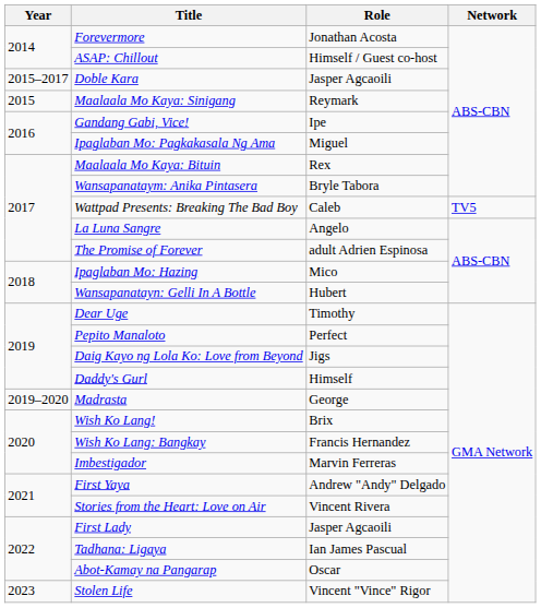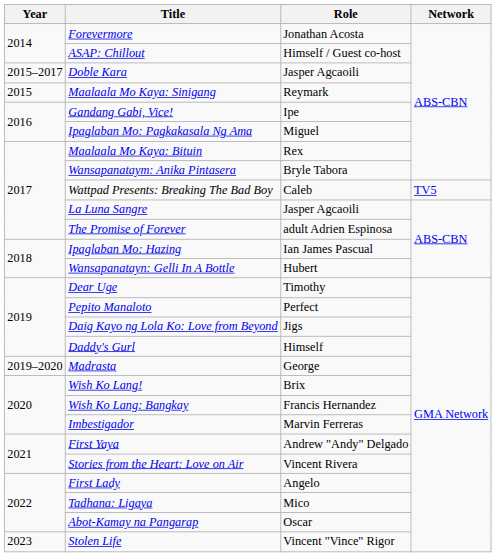 <table class="wikitable sortable">
 <tr>
 <th>Year</th>
 <th>Title</th>
 <th>Role</th>
 <th>Network</th>
 </tr>
 <tr>
 <td rowspan="2">2014</td>
 <td><em><a href='#'>Forevermore</a></em></td>
 <td>Jonathan Acosta</td>
 <td rowspan="8"><a href='#'>ABS-CBN</a></td>
 </tr>
 <tr>
 <td><em><a href='#'>ASAP: Chillout</a></em></td>
 <td>Himself / Guest co-host</td>
 </tr>
 <tr>
 <td>2015–2017</td>
 <td><em><a href='#'>Doble Kara</a></em></td>
 <td>Jasper Agcaoili</td>
 </tr>
 <tr>
 <td>2015</td>
 <td><em><a href='#'>Maalaala Mo Kaya: Sinigang</a></em></td>
 <td>Reymark</td>
 </tr>
 <tr>
 <td rowspan="2">2016</td>
 <td><em><a href='#'>Gandang Gabi, Vice!</a></em></td>
 <td>Ipe</td>
 </tr>
 <tr>
 <td><em><a href='#'>Ipaglaban Mo: Pagkakasala Ng Ama</a></em></td>
 <td>Miguel</td>
 </tr>
 <tr>
 <td rowspan="5">2017</td>
 <td><em><a href='#'>Maalaala Mo Kaya: Bituin</a></em></td>
 <td>Rex</td>
 </tr>
 <tr>
 <td><em><a href='#'>Wansapanataym: Anika Pintasera</a></em></td>
 <td>Bryle Tabora</td>
 </tr>
 <tr>
 <td><em>Wattpad Presents: Breaking The Bad Boy</em></td>
 <td>Caleb</td>
 <td><a href='#'>TV5</a></td>
 </tr>
 <tr>
 <td><em><a href='#'>La Luna Sangre</a></em></td>
-<td>Angelo</td>
+<td>Jasper Agcaoili</td>
 <td rowspan="4"><a href='#'>ABS-CBN</a></td>
 </tr>
 <tr>
 <td><em><a href='#'>The Promise of Forever</a></em></td>
 <td>adult Adrien Espinosa</td>
 </tr>
 <tr>
 <td rowspan="2">2018</td>
 <td><em><a href='#'>Ipaglaban Mo: Hazing</a></em></td>
-<td>Mico</td>
+<td>Ian James Pascual</td>
 </tr>
 <tr>
 <td><em><a href='#'>Wansapanatayn: Gelli In A Bottle</a></em></td>
 <td>Hubert</td>
 </tr>
 <tr>
 <td rowspan="4">2019</td>
 <td><em><a href='#'>Dear Uge</a></em></td>
 <td>Timothy</td>
 <td rowspan="14"><a href='#'>GMA Network</a></td>
 </tr>
 <tr>
 <td><em><a href='#'>Pepito Manaloto</a></em></td>
 <td>Perfect</td>
 </tr>
 <tr>
 <td><em><a href='#'>Daig Kayo ng Lola Ko: Love from Beyond</a></em></td>
 <td>Jigs</td>
 </tr>
 <tr>
 <td><em><a href='#'>Daddy's Gurl</a></em></td>
 <td>Himself</td>
 </tr>
 <tr>
 <td>2019–2020</td>
 <td><em><a href='#'>Madrasta</a></em></td>
 <td>George</td>
 </tr>
 <tr>
 <td rowspan="3">2020</td>
 <td><em><a href='#'>Wish Ko Lang!</a></em></td>
 <td>Brix</td>
 </tr>
 <tr>
 <td><em><a href='#'>Wish Ko Lang: Bangkay</a></em></td>
 <td>Francis Hernandez</td>
 </tr>
 <tr>
 <td><em><a href='#'>Imbestigador</a></em></td>
 <td>Marvin Ferreras</td>
 </tr>
 <tr>
 <td rowspan="2">2021</td>
 <td><em><a href='#'>First Yaya</a></em></td>
 <td>Andrew "Andy" Delgado</td>
 </tr>
 <tr>
 <td><em><a href='#'>Stories from the Heart: Love on Air</a></em></td>
 <td>Vincent Rivera</td>
 </tr>
 <tr>
 <td rowspan="3">2022</td>
 <td><em><a href='#'>First Lady</a></em></td>
-<td>Jasper Agcaoili</td>
+<td>Angelo</td>
 </tr>
 <tr>
 <td><em><a href='#'>Tadhana: Ligaya</a></em></td>
-<td>Ian James Pascual</td>
+<td>Mico</td>
 </tr>
 <tr>
 <td><em><a href='#'>Abot-Kamay na Pangarap</a></em></td>
 <td>Oscar</td>
 </tr>
 <tr>
 <td>2023</td>
 <td><em><a href='#'>Stolen Life</a></em></td>
 <td>Vincent "Vince" Rigor</td>
 </tr>
 </table>
